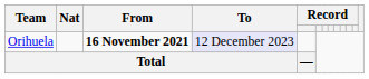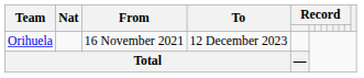 <table class="wikitable" style="text-align: center">
 <tr>
 <th rowspan="2">Team</th>
 <th rowspan="2">Nat</th>
 <th rowspan="2">From</th>
 <th rowspan="2">To</th>
 <th colspan="8">Record</th>
 <th rowspan=2></th>
 </tr>
 <tr>
 <th></th>
 <th></th>
 <th></th>
 <th></th>
 <th></th>
 <th></th>
 <th></th>
 <th></th>
 </tr>
 <tr>
 <td align=left><a href='#'>Orihuela</a></td>
 <td></td>
-<td align=left><strong>16 November 2021</strong></td>
-<td align=left style="background: lavender;">12 December 2023<br></td>
+<td align=left>16 November 2021</td>
+<td align=left>12 December 2023<br></td>
 <td></td>
 </tr>
 <tr>
 <th colspan="4">Total<br></th>
 <th>—</th>
 </tr>
 </table>
